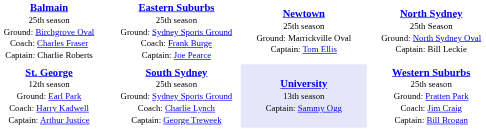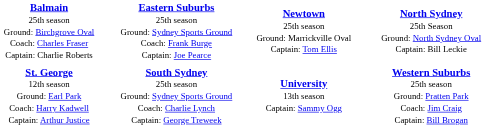 <table align="center" class="toccolours" style="text-valign: center;" cellpadding=3 cellspacing=2>
 <tr>
 <th width=185></th>
 <th width=185></th>
 <th width=185></th>
 <th width=185></th>
 </tr>
 <tr>
 <td align="center"><strong><a href='#'>Balmain</a></strong><br><small>25th season<br>Ground: <a href='#'>Birchgrove Oval</a><br>Coach: <a href='#'>Charles Fraser</a><br>Captain: Charlie Roberts</small></td>
 <td align="center"><strong><a href='#'>Eastern Suburbs</a></strong><br><small>25th season<br>Ground: <a href='#'>Sydney Sports Ground</a><br>Coach: <a href='#'>Frank Burge</a><br>Captain: <a href='#'>Joe Pearce</a></small></td>
 <td align="center"><strong><a href='#'>Newtown</a></strong><br><small>25th season<br>Ground: Marrickville Oval<br>Captain: <a href='#'>Tom Ellis</a></small></td>
 <td align="center"><strong><a href='#'>North Sydney</a></strong><br><small>25th Season<br>Ground: <a href='#'>North Sydney Oval</a><br>Captain: Bill Leckie</small></td>
 </tr>
 <tr>
 <td align="center"><strong><a href='#'>St. George</a></strong><br><small>12th season<br>Ground: <a href='#'>Earl Park</a><br>Coach: <a href='#'>Harry Kadwell</a><br>Captain: <a href='#'>Arthur Justice</a></small></td>
 <td align="center"><strong><a href='#'>South Sydney</a></strong><br><small>25th season<br>Ground: <a href='#'>Sydney Sports Ground</a><br>Coach: <a href='#'>Charlie Lynch</a><br>Captain: <a href='#'>George Treweek</a></small></td>
-<td align="center" style="background: lavender;"><strong><a href='#'>University</a></strong><br><small>13th season<br>Captain: <a href='#'>Sammy Ogg</a></small></td>
+<td align="center"><strong><a href='#'>University</a></strong><br><small>13th season<br>Captain: <a href='#'>Sammy Ogg</a></small></td>
 <td align="center"><strong><a href='#'>Western Suburbs</a></strong><br><small>25th season<br>Ground: <a href='#'>Pratten Park</a><br>Coach: <a href='#'>Jim Craig</a> <br>Captain: <a href='#'>Bill Brogan</a></small></td>
 </tr>
 </table>
